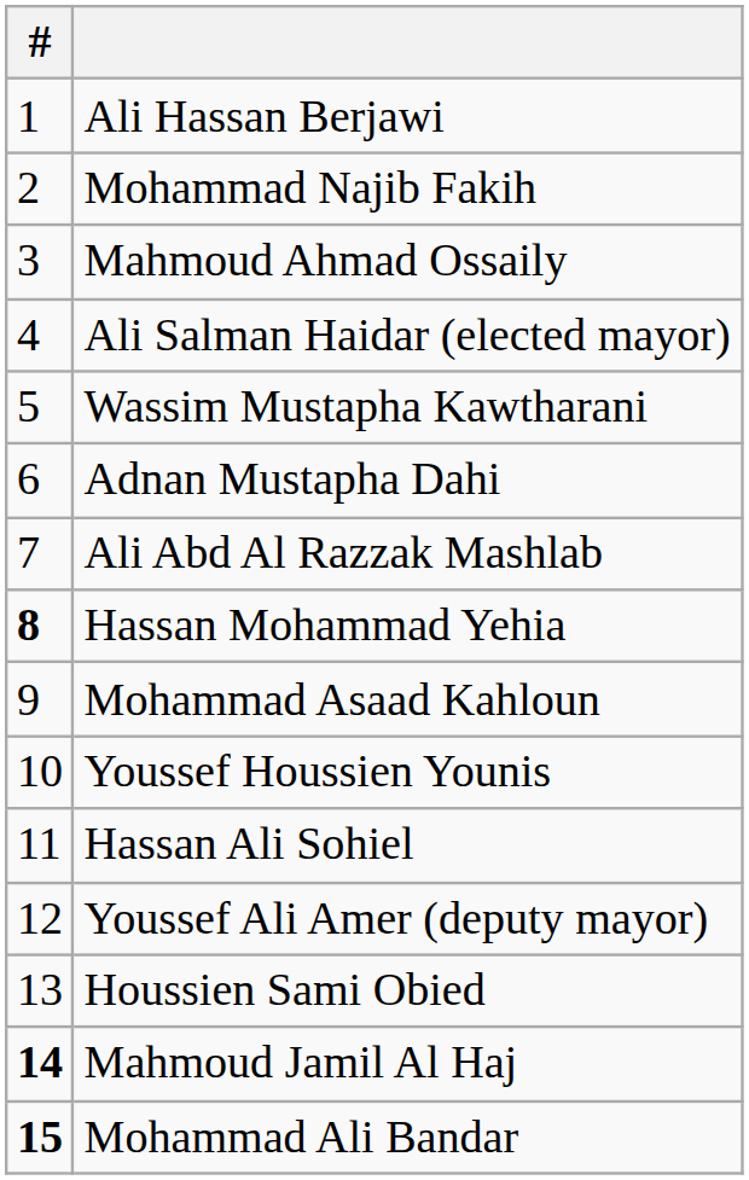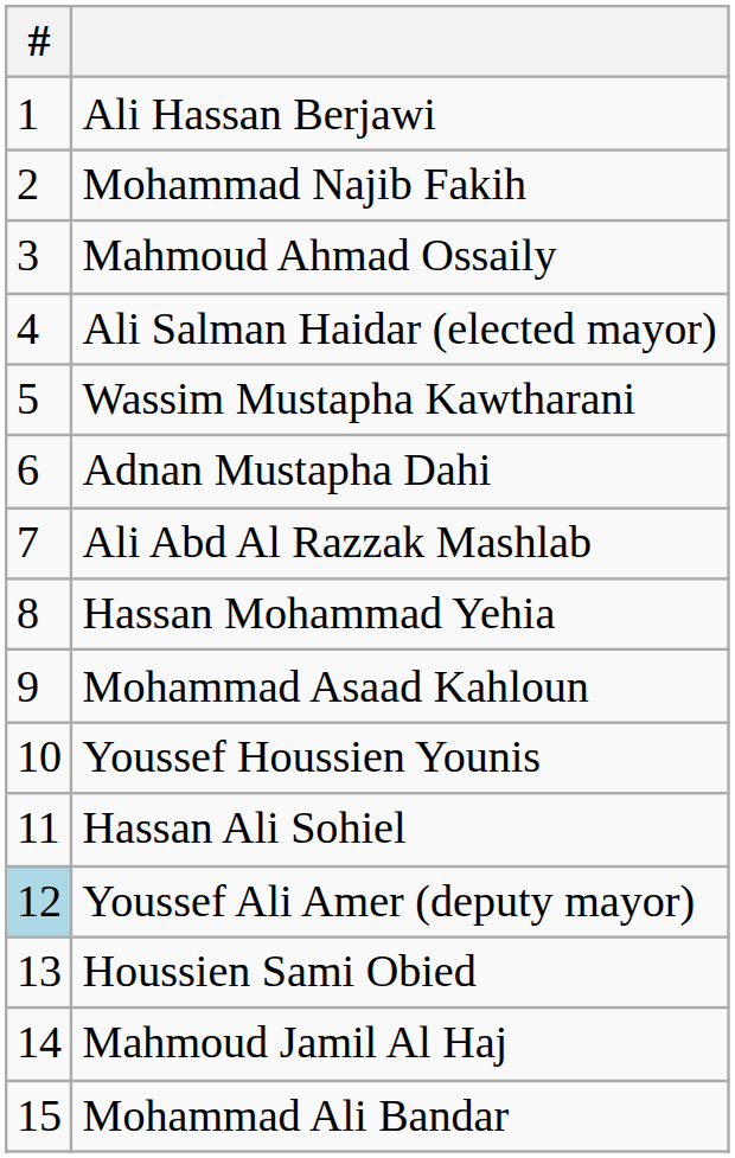 <table class="wikitable">
 <tr>
 <th>#</th>
 <th></th>
 </tr>
 <tr>
 <td>1</td>
 <td>Ali Hassan Berjawi</td>
 </tr>
 <tr>
 <td>2</td>
 <td>Mohammad Najib Fakih</td>
 </tr>
 <tr>
 <td>3</td>
 <td>Mahmoud Ahmad Ossaily</td>
 </tr>
 <tr>
 <td>4</td>
 <td>Ali Salman Haidar (elected mayor)</td>
 </tr>
 <tr>
 <td>5</td>
 <td>Wassim Mustapha Kawtharani</td>
 </tr>
 <tr>
 <td>6</td>
 <td>Adnan Mustapha Dahi</td>
 </tr>
 <tr>
 <td>7</td>
 <td>Ali Abd Al Razzak Mashlab</td>
 </tr>
 <tr>
-<td><strong>8</strong></td>
+<td>8</td>
 <td>Hassan Mohammad Yehia</td>
 </tr>
 <tr>
 <td>9</td>
 <td>Mohammad Asaad Kahloun</td>
 </tr>
 <tr>
 <td>10</td>
 <td>Youssef Houssien Younis</td>
 </tr>
 <tr>
 <td>11</td>
 <td>Hassan Ali Sohiel</td>
 </tr>
 <tr>
-<td>12</td>
+<td style="background: lightblue;">12</td>
 <td>Youssef Ali Amer (deputy mayor)</td>
 </tr>
 <tr>
 <td>13</td>
 <td>Houssien Sami Obied</td>
 </tr>
 <tr>
-<td><strong>14</strong></td>
+<td>14</td>
 <td>Mahmoud Jamil Al Haj</td>
 </tr>
 <tr>
-<td><strong>15</strong></td>
+<td>15</td>
 <td>Mohammad Ali Bandar</td>
 </tr>
 </table>
